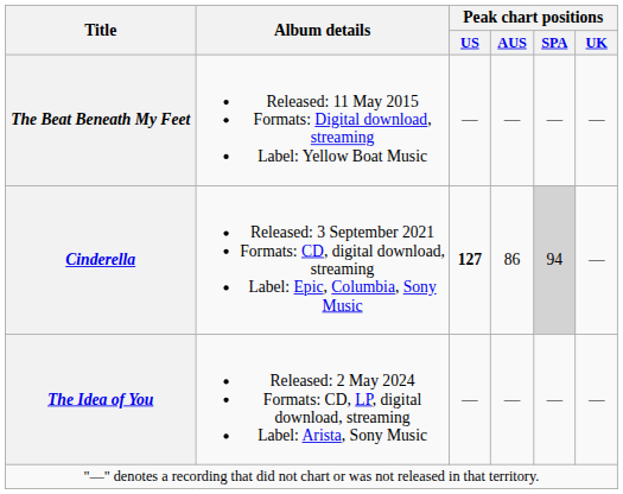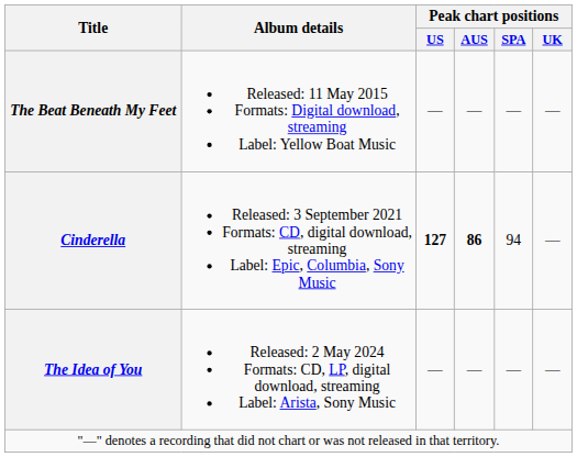 <table class="wikitable plainrowheaders" style="text-align:center;">
 <tr>
 <th scope="col" rowspan="2" style="width:12em;">Title</th>
 <th scope="col" rowspan="2" style="width:16em;">Album details</th>
 <th scope="col" colspan="4">Peak chart positions</th>
 </tr>
 <tr>
 <th scope="col" style="width:2.5em;font-size:90%;"><a href='#'>US</a></th>
 <th scope="col" style="width:2.5em;font-size:90%;"><a href='#'>AUS</a></th>
 <th scope="col" style="width:2.5em;font-size:90%;"><a href='#'>SPA</a></th>
 <th scope="col" style="width:2.5em;font-size:90%;"><a href='#'>UK</a></th>
 </tr>
 <tr>
 <th scope="row"><em>The Beat Beneath My Feet</em></th>
 <td><br><ul><li>Released: 11 May 2015</li><li>Formats: <a href='#'>Digital download</a>, <a href='#'>streaming</a></li><li>Label: Yellow Boat Music</li></ul></td>
 <td>—</td>
 <td>—</td>
 <td>—</td>
 <td>—</td>
 </tr>
 <tr>
 <th scope="row"><em><a href='#'>Cinderella</a></em></th>
 <td><br><ul><li>Released: 3 September 2021</li><li>Formats: <a href='#'>CD</a>, digital download, streaming</li><li>Label: <a href='#'>Epic</a>, <a href='#'>Columbia</a>, <a href='#'>Sony Music</a></li></ul></td>
 <td><strong>127</strong></td>
-<td>86</td>
-<td style="background: lightgrey;">94</td>
+<td><strong>86</strong></td>
+<td>94</td>
 <td>—</td>
 </tr>
 <tr>
 <th scope="row"><em><a href='#'>The Idea of You</a></em><br></th>
 <td><br><ul><li>Released: 2 May 2024</li><li>Formats: CD, <a href='#'>LP</a>, digital download, streaming</li><li>Label: <a href='#'>Arista</a>, Sony Music</li></ul></td>
 <td>—</td>
 <td>—</td>
 <td>—</td>
 <td>—</td>
 </tr>
 <tr>
 <td colspan="14" style="font-size:90%">"—" denotes a recording that did not chart or was not released in that territory.</td>
 </tr>
 </table>
